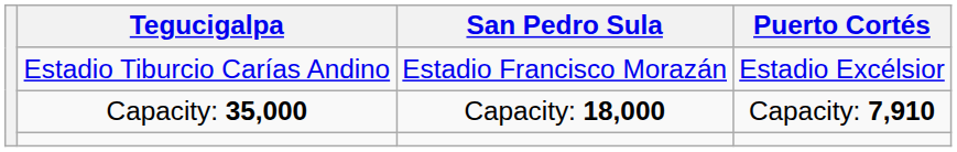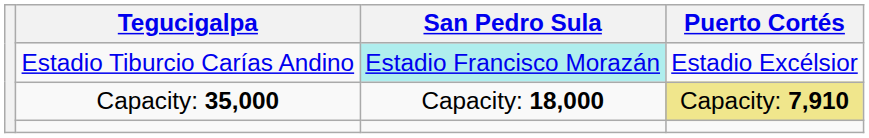 <table class="wikitable" style="text-align:center">
 <tr>
 <th rowspan="4"></th>
 <th><a href='#'>Tegucigalpa</a></th>
 <th><a href='#'>San Pedro Sula</a></th>
 <th><a href='#'>Puerto Cortés</a></th>
 </tr>
 <tr>
 <td><a href='#'>Estadio Tiburcio Carías Andino</a></td>
-<td><a href='#'>Estadio Francisco Morazán</a></td>
+<td style="background: paleturquoise;"><a href='#'>Estadio Francisco Morazán</a></td>
 <td><a href='#'>Estadio Excélsior</a></td>
 </tr>
 <tr>
 <td>Capacity: <strong>35,000</strong></td>
 <td>Capacity: <strong>18,000</strong></td>
-<td>Capacity: <strong>7,910</strong></td>
+<td style="background: khaki;">Capacity: <strong>7,910</strong></td>
 </tr>
 <tr>
 <td></td>
 <td></td>
 <td></td>
 </tr>
 </table>
